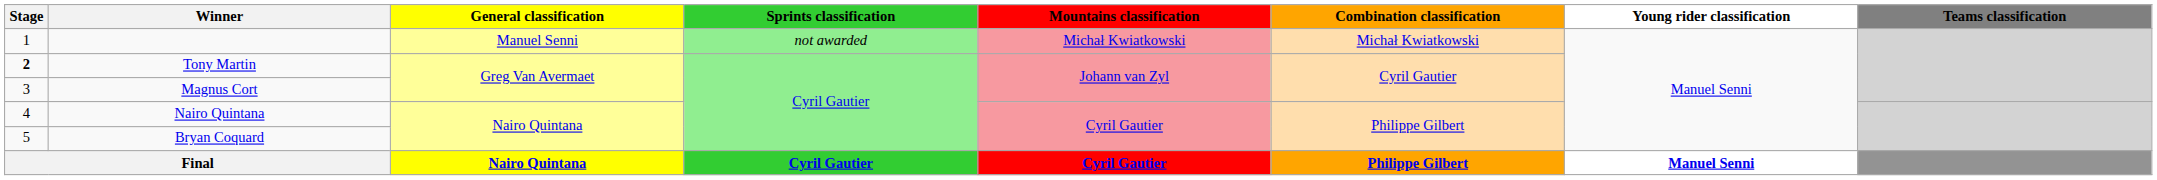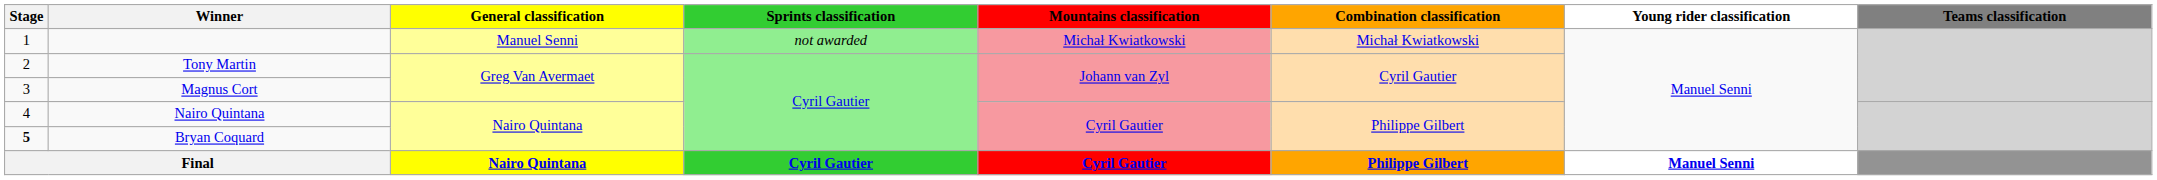 <table class="wikitable" style="text-align: center; font-size:smaller;">
 <tr>
 <th width="1%">Stage</th>
 <th width="14%">Winner</th>
 <th style="background:yellow;" width="12%">General classification<br></th>
 <th style="background:limegreen;" width="12%">Sprints classification<br></th>
 <th style="background:red;" width="12%">Mountains classification<br></th>
 <th style="background:orange;" width="12%">Combination classification<br></th>
 <th style="background:white;" width="12%">Young rider classification<br></th>
 <th style="background:grey" width="12%">Teams classification</th>
 </tr>
 <tr>
 <td>1</td>
 <td></td>
 <td style="background:#ffff99;"><a href='#'>Manuel Senni</a></td>
 <td style="background:lightgreen;"><em>not awarded</em></td>
 <td style="background:#F799A0;"><a href='#'>Michał Kwiatkowski</a></td>
 <td style="background:navajowhite;"><a href='#'>Michał Kwiatkowski</a></td>
 <td style="background:offwhite;" rowspan="5"><a href='#'>Manuel Senni</a></td>
 <td style="background:lightgrey;" rowspan="3"></td>
 </tr>
 <tr>
-<td><strong>2</strong></td>
+<td>2</td>
 <td><a href='#'>Tony Martin</a></td>
 <td style="background:#ffff99;" rowspan="2"><a href='#'>Greg Van Avermaet</a></td>
 <td style="background:lightgreen;" rowspan="4"><a href='#'>Cyril Gautier</a></td>
 <td style="background:#F799A0;" rowspan="2"><a href='#'>Johann van Zyl</a></td>
 <td style="background:navajowhite;" rowspan="2"><a href='#'>Cyril Gautier</a></td>
 </tr>
 <tr>
 <td>3</td>
 <td><a href='#'>Magnus Cort</a></td>
 </tr>
 <tr>
 <td>4</td>
 <td><a href='#'>Nairo Quintana</a></td>
 <td style="background:#ffff99;" rowspan="2"><a href='#'>Nairo Quintana</a></td>
 <td style="background:#F799A0;" rowspan="2"><a href='#'>Cyril Gautier</a></td>
 <td style="background:navajowhite;" rowspan="2"><a href='#'>Philippe Gilbert</a></td>
 <td style="background:lightgrey;" rowspan="2"></td>
 </tr>
 <tr>
-<td>5</td>
+<td><strong>5</strong></td>
 <td><a href='#'>Bryan Coquard</a></td>
 </tr>
 <tr>
 <th scope="row" colspan="2">Final</th>
 <th style="background-color:yellow;"><a href='#'>Nairo Quintana</a></th>
 <th style="background:limegreen;"><a href='#'>Cyril Gautier</a></th>
 <th style="background:red;"><a href='#'>Cyril Gautier</a></th>
 <th style="background-color:orange;"><a href='#'>Philippe Gilbert</a></th>
 <th style="background:white;"><a href='#'>Manuel Senni</a></th>
 <th style="background:#939393"></th>
 </tr>
 </table>
